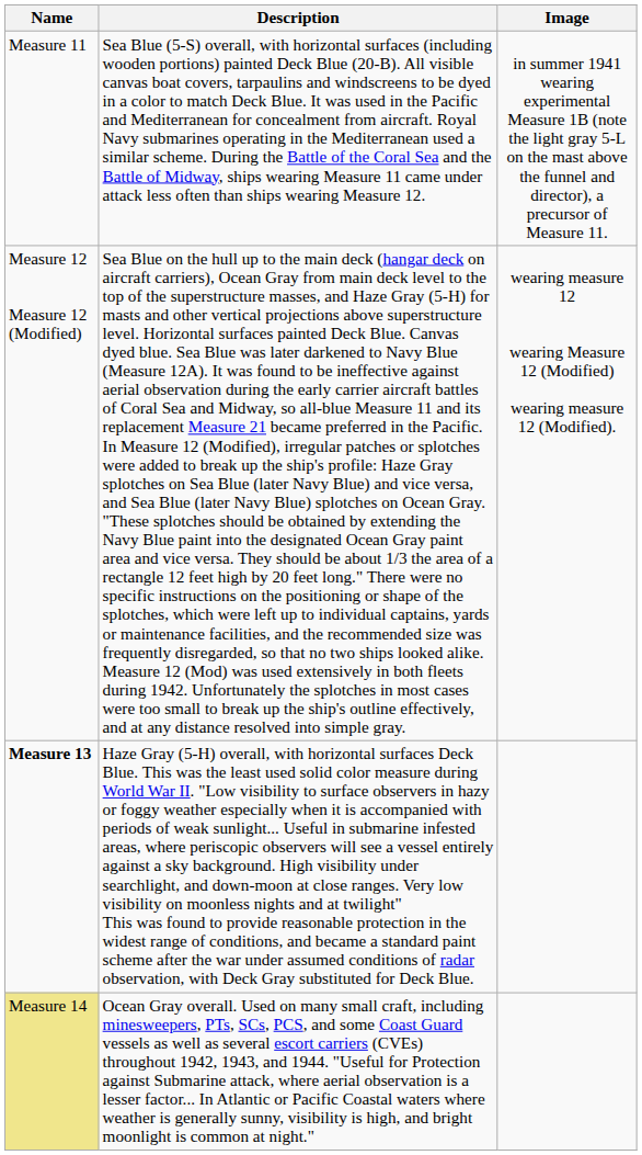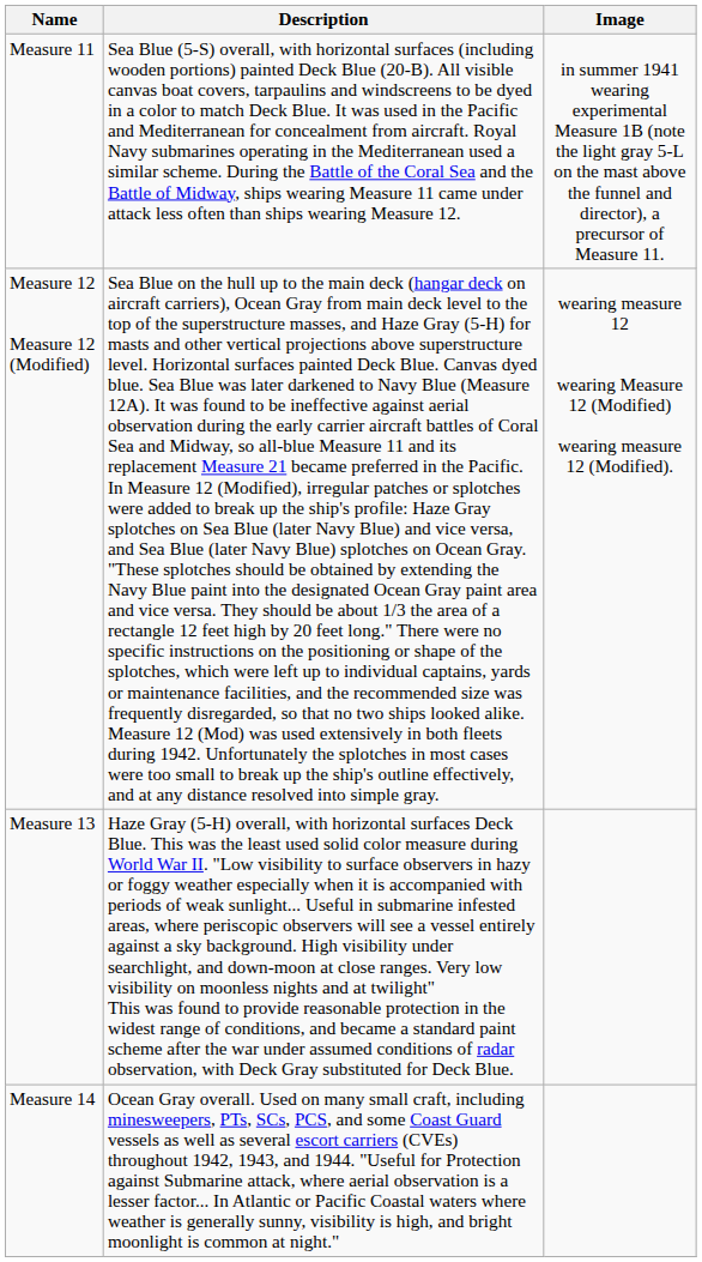 <table class="wikitable">
 <tr>
 <th>Name</th>
 <th>Description</th>
 <th>Image</th>
 </tr>
 <tr id="Measure 11" style="vertical-align:top;">
 <td>Measure 11</td>
 <td>Sea Blue (5-S) overall, with horizontal surfaces (including wooden portions) painted Deck Blue (20-B). All visible canvas boat covers, tarpaulins and windscreens to be dyed in a color to match Deck Blue. It was used in the Pacific and Mediterranean for concealment from aircraft. Royal Navy submarines operating in the Mediterranean used a similar scheme. During the <a href='#'>Battle of the Coral Sea</a> and the <a href='#'>Battle of Midway</a>, ships wearing Measure 11 came under attack less often than ships wearing Measure 12.</td>
 <td align=center><br> in summer 1941 wearing experimental Measure 1B (note the light gray 5-L on the mast above the funnel and director), a precursor of Measure 11.</td>
 </tr>
 <tr id="Measure 12" style="vertical-align:top;">
 <td>Measure 12<br><br><br>Measure 12 (Modified)</td>
 <td>Sea Blue on the hull up to the main deck (<a href='#'>hangar deck</a> on aircraft carriers), Ocean Gray from main deck level to the top of the superstructure masses, and Haze Gray (5-H) for masts and other vertical projections above superstructure level. Horizontal surfaces painted Deck Blue. Canvas dyed blue. Sea Blue was later darkened to Navy Blue (Measure 12A). It was found to be ineffective against aerial observation during the early carrier aircraft battles of Coral Sea and Midway, so all-blue Measure 11 and its replacement <a href='#'>Measure 21</a> became preferred in the Pacific.<br>In Measure 12 (Modified), irregular patches or splotches were added to break up the ship's profile: Haze Gray splotches on Sea Blue (later Navy Blue) and vice versa, and Sea Blue (later Navy Blue) splotches on Ocean Gray. "These splotches should be obtained by extending the Navy Blue paint into the designated Ocean Gray paint area and vice versa. They should be about 1/3 the area of a rectangle 12 feet high by 20 feet long." There were no specific instructions on the positioning or shape of the splotches, which were left up to individual captains, yards or maintenance facilities, and the recommended size was frequently disregarded, so that no two ships looked alike.  Measure 12 (Mod) was used extensively in both fleets during 1942. Unfortunately the splotches in most cases were too small to break up the ship's outline effectively, and at any distance resolved into simple gray.</td>
 <td align=center><br> wearing measure 12<br><br><br>  wearing Measure 12 (Modified)<br> <br>  wearing measure 12 (Modified).</td>
 </tr>
 <tr id="Measure 13" style="vertical-align:top;">
-<td><strong>Measure 13</strong></td>
+<td>Measure 13</td>
 <td>Haze Gray (5-H) overall, with horizontal surfaces Deck Blue. This was the least used solid color measure during <a href='#'>World War II</a>. "Low visibility to surface observers in hazy or foggy weather especially when it is accompanied with periods of weak sunlight... Useful in submarine infested areas, where periscopic observers will see a vessel entirely against a sky background. High visibility under searchlight, and down-moon at close ranges. Very low visibility on moonless nights and at twilight" <br>This was found to provide reasonable protection in the widest range of conditions, and became a standard paint scheme after the war under assumed conditions of <a href='#'>radar</a> observation, with Deck Gray substituted for Deck Blue.</td>
 <td></td>
 </tr>
 <tr id="Measure 14" style="vertical-align:top;">
-<td style="background: khaki;">Measure 14</td>
+<td>Measure 14</td>
 <td>Ocean Gray overall. Used on many small craft, including <a href='#'>minesweepers</a>, <a href='#'>PTs</a>, <a href='#'>SCs</a>, <a href='#'>PCS</a>, and some <a href='#'>Coast Guard</a> vessels as well as several <a href='#'>escort carriers</a> (CVEs) throughout 1942, 1943, and 1944. "Useful for Protection against Submarine attack, where aerial observation is a lesser factor... In Atlantic or Pacific Coastal waters where weather is generally sunny, visibility is high, and bright moonlight is common at night."</td>
 <td></td>
 </tr>
 </table>
